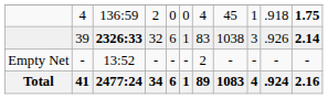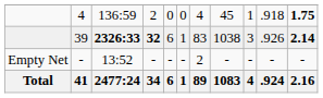 <table class="wikitable sortable">
 <tr align="center">
 </tr>
 <tr align="center" bgcolor="">
 <td></td>
 <td>4</td>
 <td>136:59</td>
 <td>2</td>
 <td>0</td>
 <td>0</td>
 <td>4</td>
 <td>45</td>
 <td>1</td>
 <td>.918</td>
 <td><strong>1.75</strong></td>
 </tr>
 <tr align="center" bgcolor="f0f0f0">
 <td></td>
 <td>39</td>
 <td><strong>2326:33</strong></td>
-<td>32</td>
+<td><strong>32</strong></td>
 <td>6</td>
 <td>1</td>
 <td>83</td>
 <td>1038</td>
 <td>3</td>
 <td>.926</td>
 <td><strong>2.14</strong></td>
 </tr>
 <tr align="center" bgcolor="">
 <td>Empty Net</td>
 <td>-</td>
 <td>13:52</td>
 <td>-</td>
 <td>-</td>
 <td>-</td>
 <td>2</td>
 <td>-</td>
 <td>-</td>
 <td>-</td>
 <td>-</td>
 </tr>
 <tr>
 <th>Total</th>
 <th>41</th>
 <th>2477:24</th>
 <th>34</th>
 <th>6</th>
 <th>1</th>
 <th>89</th>
 <th>1083</th>
 <th>4</th>
 <th>.924</th>
 <th>2.16</th>
 </tr>
 </table>
